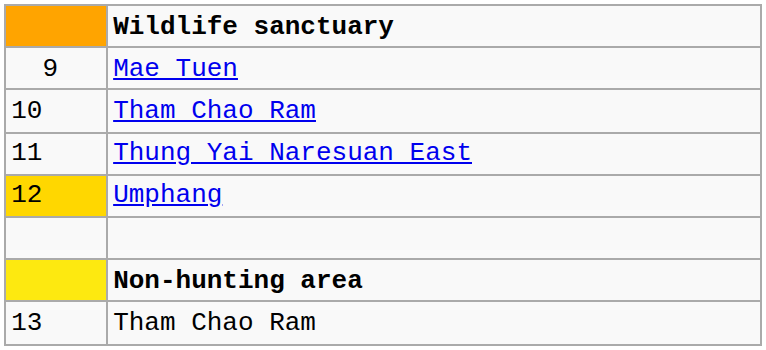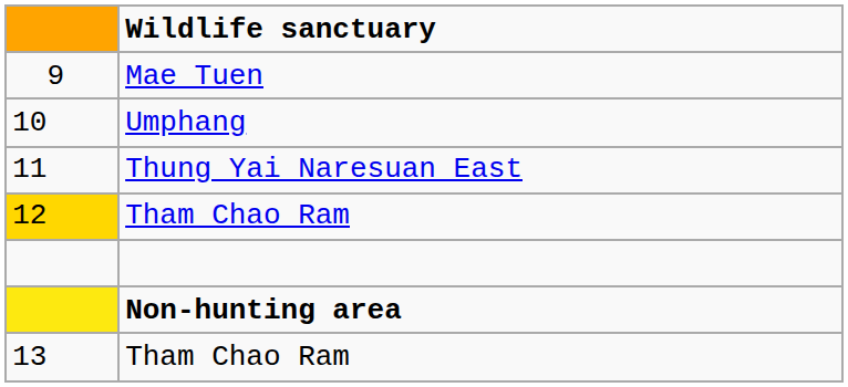 <table class= "wikitable" style= "width:30%; display:inline-table;">
 <tr>
 <td style="background:#FFA400;"> </td>
 <td><strong>Wildlife sanctuary</strong></td>
 </tr>
 <tr>
 <td>  9</td>
 <td><a href='#'>Mae Tuen</a></td>
 </tr>
 <tr>
 <td>10</td>
-<td><a href='#'>Tham Chao Ram</a></td>
+<td><a href='#'>Umphang</a></td>
 </tr>
 <tr>
 <td>11</td>
 <td><a href='#'>Thung Yai Naresuan East</a></td>
 </tr>
 <tr>
 <td style="background: gold;">12</td>
-<td><a href='#'>Umphang</a></td>
+<td><a href='#'>Tham Chao Ram</a></td>
 </tr>
 <tr>
 <td>  </td>
 </tr>
 <tr>
 <td style="width:3%; background:#FDE910;"> </td>
 <td style="width:30%;"><strong>Non-hunting area</strong></td>
 </tr>
 <tr>
 <td>13</td>
 <td>Tham Chao Ram</td>
 </tr>
 <tr>
 </tr>
 </table>
